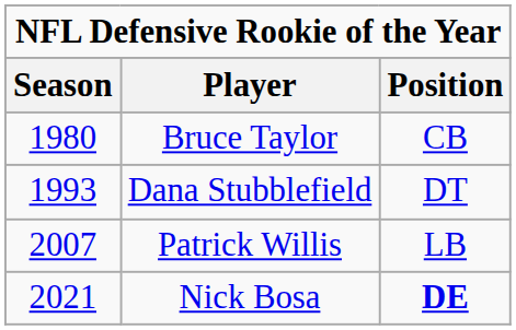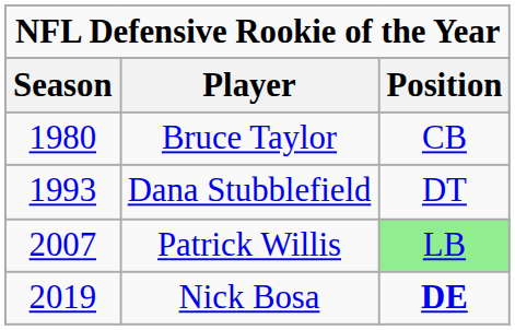 <table class="wikitable sortable" style="text-align:center">
 <tr>
 <td colspan="3"><strong>NFL Defensive Rookie of the Year</strong></td>
 </tr>
 <tr>
 <th>Season</th>
 <th>Player</th>
 <th>Position</th>
 </tr>
 <tr>
 <td><a href='#'>1980</a></td>
 <td><a href='#'>Bruce Taylor</a></td>
 <td><a href='#'>CB</a></td>
 </tr>
 <tr>
 <td><a href='#'>1993</a></td>
 <td><a href='#'>Dana Stubblefield</a></td>
 <td><a href='#'>DT</a></td>
 </tr>
 <tr>
 <td><a href='#'>2007</a></td>
 <td><a href='#'>Patrick Willis</a></td>
-<td><a href='#'>LB</a></td>
+<td style="background: lightgreen;"><a href='#'>LB</a></td>
 </tr>
 <tr>
-<td><a href='#'>2021</a></td>
+<td><a href='#'>2019</a></td>
 <td><a href='#'>Nick Bosa</a></td>
 <td><strong><a href='#'>DE</a></strong></td>
 </tr>
 </table>
